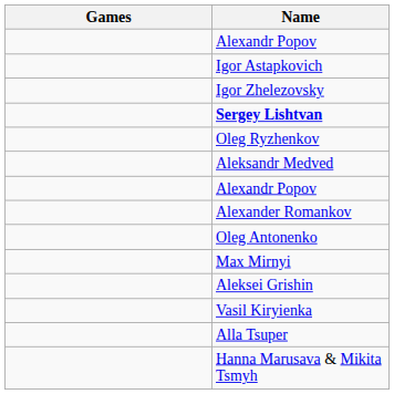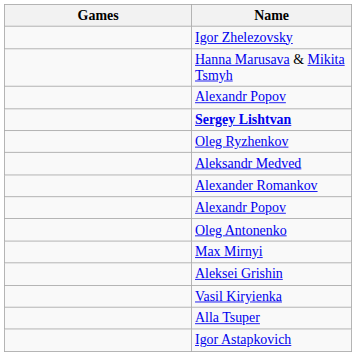 <table class="wikitable">
 <tr>
 <th style="width:13em">Games</th>
 <th style="width:11em">Name</th>
 </tr>
 <tr>
 <td></td>
-<td><a href='#'>Alexandr Popov</a></td>
+<td><a href='#'>Igor Zhelezovsky</a></td>
 </tr>
 <tr>
 <td></td>
-<td><a href='#'>Igor Astapkovich</a></td>
+<td><a href='#'>Hanna Marusava</a> & <a href='#'>Mikita Tsmyh</a></td>
 </tr>
 <tr>
 <td></td>
-<td><a href='#'>Igor Zhelezovsky</a></td>
+<td><a href='#'>Alexandr Popov</a></td>
 </tr>
 <tr>
 <td></td>
 <td><strong><a href='#'>Sergey Lishtvan</a></strong></td>
 </tr>
 <tr>
 <td></td>
 <td><a href='#'>Oleg Ryzhenkov</a></td>
 </tr>
 <tr>
 <td></td>
 <td><a href='#'>Aleksandr Medved</a></td>
 </tr>
 <tr>
 <td></td>
-<td><a href='#'>Alexandr Popov</a></td>
+<td><a href='#'>Alexander Romankov</a></td>
 </tr>
 <tr>
 <td></td>
-<td><a href='#'>Alexander Romankov</a></td>
+<td><a href='#'>Alexandr Popov</a></td>
 </tr>
 <tr>
 <td></td>
 <td><a href='#'>Oleg Antonenko</a></td>
 </tr>
 <tr>
 <td></td>
 <td><a href='#'>Max Mirnyi</a></td>
 </tr>
 <tr>
 <td></td>
 <td><a href='#'>Aleksei Grishin</a></td>
 </tr>
 <tr>
 <td></td>
 <td><a href='#'>Vasil Kiryienka</a></td>
 </tr>
 <tr>
 <td></td>
 <td><a href='#'>Alla Tsuper</a></td>
 </tr>
 <tr>
 <td></td>
-<td><a href='#'>Hanna Marusava</a> & <a href='#'>Mikita Tsmyh</a></td>
+<td><a href='#'>Igor Astapkovich</a></td>
 </tr>
 </table>
